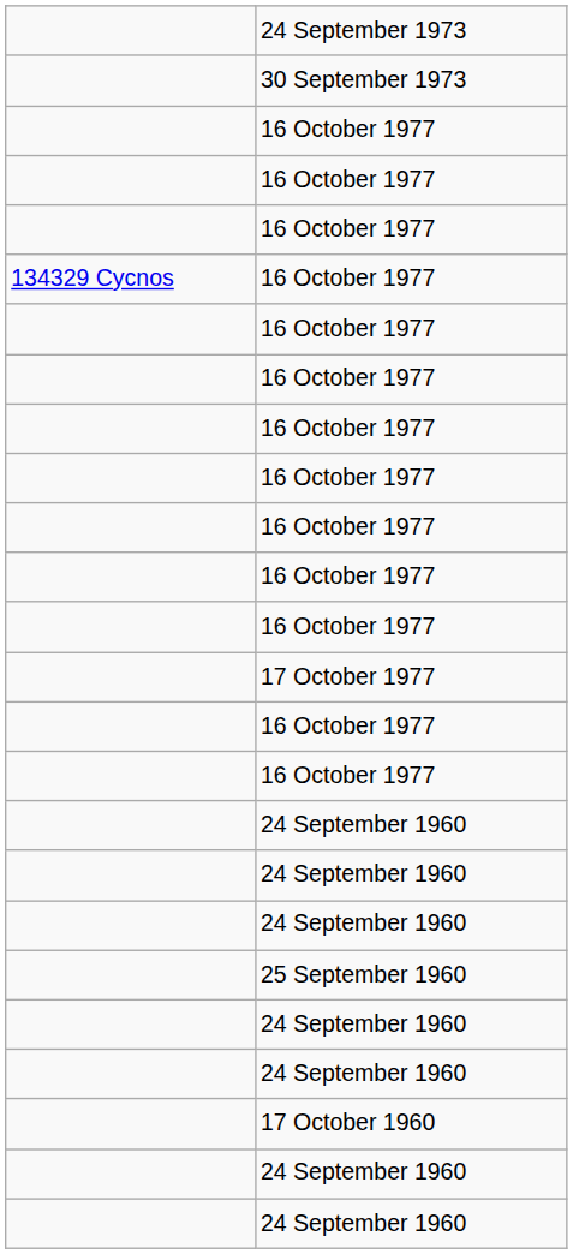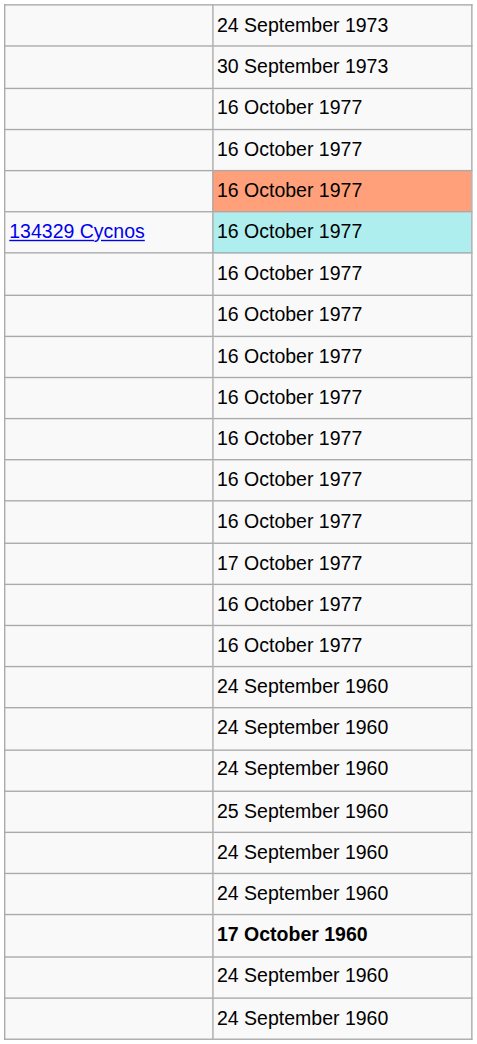 <table class="wikitable" style="font-size: 89%; float: left; width: 24em; margin-right: 1em; line-height: 1.65em">
 <tr>
 <td></td>
 <td>24 September 1973</td>
 </tr>
 <tr>
 <td></td>
 <td>30 September 1973</td>
 </tr>
 <tr>
 <td></td>
 <td>16 October 1977</td>
 </tr>
 <tr>
 <td></td>
 <td>16 October 1977</td>
 </tr>
 <tr>
 <td></td>
-<td>16 October 1977</td>
+<td style="background: lightsalmon;">16 October 1977</td>
 </tr>
 <tr>
 <td><a href='#'>134329 Cycnos</a></td>
-<td>16 October 1977</td>
+<td style="background: paleturquoise;">16 October 1977</td>
 </tr>
 <tr>
 <td></td>
 <td>16 October 1977</td>
 </tr>
 <tr>
 <td></td>
 <td>16 October 1977</td>
 </tr>
 <tr>
 <td></td>
 <td>16 October 1977</td>
 </tr>
 <tr>
 <td></td>
 <td>16 October 1977</td>
 </tr>
 <tr>
 <td></td>
 <td>16 October 1977</td>
 </tr>
 <tr>
 <td></td>
 <td>16 October 1977</td>
 </tr>
 <tr>
 <td></td>
 <td>16 October 1977</td>
 </tr>
 <tr>
 <td></td>
 <td>17 October 1977</td>
 </tr>
 <tr>
 <td></td>
 <td>16 October 1977</td>
 </tr>
 <tr>
 <td></td>
 <td>16 October 1977</td>
 </tr>
 <tr>
 <td></td>
 <td>24 September 1960</td>
 </tr>
 <tr>
 <td></td>
 <td>24 September 1960</td>
 </tr>
 <tr>
 <td></td>
 <td>24 September 1960</td>
 </tr>
 <tr>
 <td></td>
 <td>25 September 1960</td>
 </tr>
 <tr>
 <td></td>
 <td>24 September 1960</td>
 </tr>
 <tr>
 <td></td>
 <td>24 September 1960</td>
 </tr>
 <tr>
 <td></td>
-<td>17 October 1960</td>
+<td><strong>17 October 1960</strong></td>
 </tr>
 <tr>
 <td></td>
 <td>24 September 1960</td>
 </tr>
 <tr>
 <td></td>
 <td>24 September 1960</td>
 </tr>
 </table>
